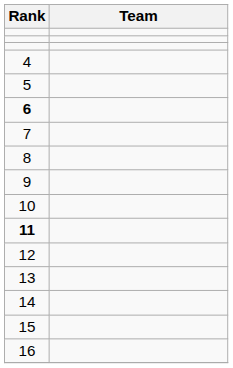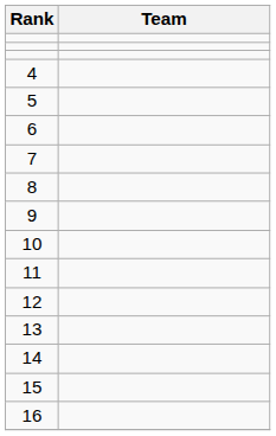 <table class="wikitable" style="text-align: center;">
 <tr>
 <th width=40>Rank</th>
 <th width=180>Team</th>
 </tr>
 <tr align=center>
 <td></td>
 <td style="text-align:left;"></td>
 </tr>
 <tr align=center>
 <td></td>
 <td style="text-align:left;"></td>
 </tr>
 <tr align=center>
 <td></td>
 <td style="text-align:left;"></td>
 </tr>
 <tr align=center>
 <td>4</td>
 <td style="text-align:left;"></td>
 </tr>
 <tr align=center>
 <td>5</td>
 <td style="text-align:left;"></td>
 </tr>
 <tr align=center>
-<td><strong>6</strong></td>
+<td>6</td>
 <td style="text-align:left;"></td>
 </tr>
 <tr align=center>
 <td>7</td>
 <td style="text-align:left;"></td>
 </tr>
 <tr align=center>
 <td>8</td>
 <td style="text-align:left;"></td>
 </tr>
 <tr align=center>
 <td>9</td>
 <td style="text-align:left;"></td>
 </tr>
 <tr align=center>
 <td>10</td>
 <td style="text-align:left;"></td>
 </tr>
 <tr align=center>
-<td><strong>11</strong></td>
+<td>11</td>
 <td style="text-align:left;"></td>
 </tr>
 <tr align=center>
 <td>12</td>
 <td style="text-align:left;"></td>
 </tr>
 <tr align=center>
 <td>13</td>
 <td style="text-align:left;"></td>
 </tr>
 <tr align=center>
 <td>14</td>
 <td style="text-align:left;"></td>
 </tr>
 <tr align=center>
 <td>15</td>
 <td style="text-align:left;"></td>
 </tr>
 <tr align=center>
 <td>16</td>
 <td style="text-align:left;"></td>
 </tr>
 <tr>
 </tr>
 </table>
